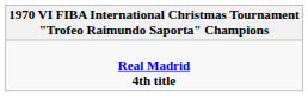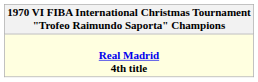 <table class=wikitable style="text-align:center; margin:auto">
 <tr>
 <th>1970 VI FIBA International Christmas Tournament<br>"Trofeo Raimundo Saporta" Champions</th>
 </tr>
 <tr>
-<td><br><strong><a href='#'>Real Madrid</a></strong><br><strong>4th title</strong></td>
+<td style="background: lightyellow;"><br><strong><a href='#'>Real Madrid</a></strong><br><strong>4th title</strong></td>
 </tr>
 </table>
